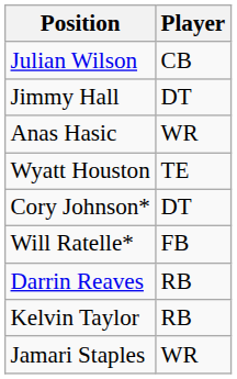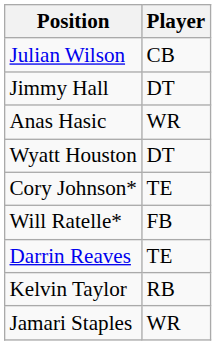 <table class="wikitable sortable">
 <tr>
 <th>Position</th>
 <th>Player</th>
 </tr>
 <tr>
 <td><a href='#'>Julian Wilson</a></td>
 <td>CB</td>
 </tr>
 <tr>
 <td>Jimmy Hall</td>
 <td>DT</td>
 </tr>
 <tr>
 <td>Anas Hasic</td>
 <td>WR</td>
 </tr>
 <tr>
 <td>Wyatt Houston</td>
-<td>TE</td>
+<td>DT</td>
 </tr>
 <tr>
 <td>Cory Johnson*</td>
-<td>DT</td>
+<td>TE</td>
 </tr>
 <tr>
 <td>Will Ratelle*</td>
 <td>FB</td>
 </tr>
 <tr>
 <td><a href='#'>Darrin Reaves</a></td>
-<td>RB</td>
+<td>TE</td>
 </tr>
 <tr>
 <td>Kelvin Taylor</td>
 <td>RB</td>
 </tr>
 <tr>
 <td>Jamari Staples</td>
 <td>WR</td>
 </tr>
 </table>
